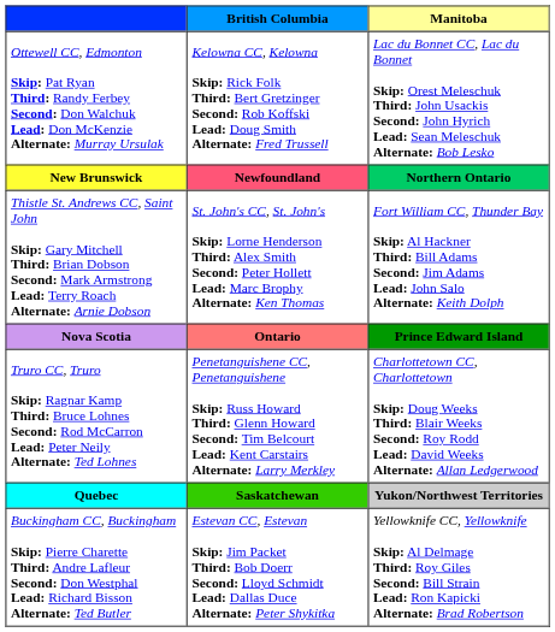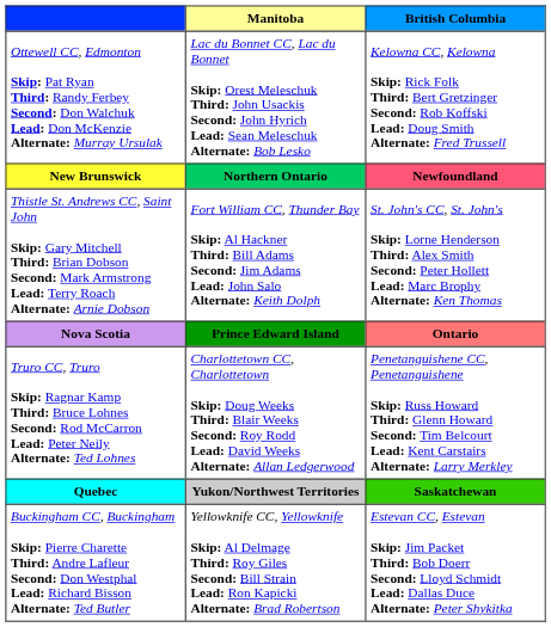 <table border=1 cellpadding=5 cellspacing=0>
 <tr>
 <th style="background:#03f; width:200px;"></th>
+<th style="background:#ff9; width:200px;">Manitoba</th>
 <th style="background:#09f; width:200px;">British Columbia</th>
-<th style="background:#ff9; width:200px;">Manitoba</th>
 </tr>
 <tr>
 <td><em><a href='#'>Ottewell CC</a>, <a href='#'>Edmonton</a></em><br><br><strong><a href='#'>Skip</a>:</strong> <a href='#'>Pat Ryan</a> <br> <strong><a href='#'>Third</a>:</strong> <a href='#'>Randy Ferbey</a> <br> <strong><a href='#'>Second</a>:</strong> <a href='#'>Don Walchuk</a> <br> <strong><a href='#'>Lead</a>:</strong> <a href='#'>Don McKenzie</a> <br> <strong>Alternate:</strong> <em><a href='#'>Murray Ursulak</a></em></td>
+<td><em><a href='#'>Lac du Bonnet CC</a>, <a href='#'>Lac du Bonnet</a></em><br><br><strong>Skip:</strong> <a href='#'>Orest Meleschuk</a> <br> <strong>Third:</strong> <a href='#'>John Usackis</a> <br> <strong>Second:</strong> <a href='#'>John Hyrich</a> <br> <strong>Lead:</strong> <a href='#'>Sean Meleschuk</a> <br> <strong>Alternate:</strong> <em><a href='#'>Bob Lesko</a></em></td>
 <td><em><a href='#'>Kelowna CC</a>, <a href='#'>Kelowna</a></em><br><br><strong>Skip:</strong> <a href='#'>Rick Folk</a> <br> <strong>Third:</strong> <a href='#'>Bert Gretzinger</a> <br> <strong>Second:</strong> <a href='#'>Rob Koffski</a> <br> <strong>Lead:</strong> <a href='#'>Doug Smith</a> <br> <strong>Alternate:</strong> <em><a href='#'>Fred Trussell</a></em></td>
-<td><em><a href='#'>Lac du Bonnet CC</a>, <a href='#'>Lac du Bonnet</a></em><br><br><strong>Skip:</strong> <a href='#'>Orest Meleschuk</a> <br> <strong>Third:</strong> <a href='#'>John Usackis</a> <br> <strong>Second:</strong> <a href='#'>John Hyrich</a> <br> <strong>Lead:</strong> <a href='#'>Sean Meleschuk</a> <br> <strong>Alternate:</strong> <em><a href='#'>Bob Lesko</a></em></td>
 </tr>
 <tr>
 <th style="background:#ff3; width:200px;">New Brunswick</th>
+<th style="background:#0c6; width:200px;">Northern Ontario</th>
 <th style="background:#f57; width:200px;">Newfoundland</th>
-<th style="background:#0c6; width:200px;">Northern Ontario</th>
 </tr>
 <tr>
 <td><em><a href='#'>Thistle St. Andrews CC</a>, <a href='#'>Saint John</a></em><br><br><strong>Skip:</strong> <a href='#'>Gary Mitchell</a> <br> <strong>Third:</strong> <a href='#'>Brian Dobson</a> <br> <strong>Second:</strong> <a href='#'>Mark Armstrong</a> <br> <strong>Lead:</strong> <a href='#'>Terry Roach</a> <br> <strong>Alternate:</strong> <em><a href='#'>Arnie Dobson</a></em></td>
+<td><em><a href='#'>Fort William CC</a>, <a href='#'>Thunder Bay</a></em><br><br><strong>Skip:</strong> <a href='#'>Al Hackner</a> <br> <strong>Third:</strong> <a href='#'>Bill Adams</a> <br> <strong>Second:</strong> <a href='#'>Jim Adams</a> <br> <strong>Lead:</strong> <a href='#'>John Salo</a> <br> <strong>Alternate:</strong> <em><a href='#'>Keith Dolph</a></em></td>
 <td><em><a href='#'>St. John's CC</a>, <a href='#'>St. John's</a></em><br><br><strong>Skip:</strong> <a href='#'>Lorne Henderson</a> <br> <strong>Third:</strong> <a href='#'>Alex Smith</a> <br> <strong>Second:</strong> <a href='#'>Peter Hollett</a> <br> <strong>Lead:</strong> <a href='#'>Marc Brophy</a> <br> <strong>Alternate:</strong> <em><a href='#'>Ken Thomas</a></em></td>
-<td><em><a href='#'>Fort William CC</a>, <a href='#'>Thunder Bay</a></em><br><br><strong>Skip:</strong> <a href='#'>Al Hackner</a> <br> <strong>Third:</strong> <a href='#'>Bill Adams</a> <br> <strong>Second:</strong> <a href='#'>Jim Adams</a> <br> <strong>Lead:</strong> <a href='#'>John Salo</a> <br> <strong>Alternate:</strong> <em><a href='#'>Keith Dolph</a></em></td>
 </tr>
 <tr>
 <th style="background:#c9e; width:200px;">Nova Scotia</th>
+<th style="background:#090; width:200px;">Prince Edward Island</th>
 <th style="background:#f77; width:200px;">Ontario</th>
-<th style="background:#090; width:200px;">Prince Edward Island</th>
 </tr>
 <tr>
 <td><em><a href='#'>Truro CC</a>, <a href='#'>Truro</a></em><br><br><strong>Skip:</strong> <a href='#'>Ragnar Kamp</a> <br> <strong>Third:</strong> <a href='#'>Bruce Lohnes</a> <br> <strong>Second:</strong> <a href='#'>Rod McCarron</a> <br> <strong>Lead:</strong> <a href='#'>Peter Neily</a> <br> <strong>Alternate:</strong> <em><a href='#'>Ted Lohnes</a></em></td>
+<td><em><a href='#'>Charlottetown CC</a>, <a href='#'>Charlottetown</a></em><br><br><strong>Skip:</strong> <a href='#'>Doug Weeks</a> <br> <strong>Third:</strong> <a href='#'>Blair Weeks</a> <br> <strong>Second:</strong> <a href='#'>Roy Rodd</a> <br> <strong>Lead:</strong> <a href='#'>David Weeks</a> <br> <strong>Alternate:</strong> <em><a href='#'>Allan Ledgerwood</a></em></td>
 <td><em><a href='#'>Penetanguishene CC</a>, <a href='#'>Penetanguishene</a></em><br><br><strong>Skip:</strong> <a href='#'>Russ Howard</a> <br> <strong>Third:</strong> <a href='#'>Glenn Howard</a> <br> <strong>Second:</strong> <a href='#'>Tim Belcourt</a> <br> <strong>Lead:</strong> <a href='#'>Kent Carstairs</a> <br> <strong>Alternate:</strong> <em><a href='#'>Larry Merkley</a></em></td>
-<td><em><a href='#'>Charlottetown CC</a>, <a href='#'>Charlottetown</a></em><br><br><strong>Skip:</strong> <a href='#'>Doug Weeks</a> <br> <strong>Third:</strong> <a href='#'>Blair Weeks</a> <br> <strong>Second:</strong> <a href='#'>Roy Rodd</a> <br> <strong>Lead:</strong> <a href='#'>David Weeks</a> <br> <strong>Alternate:</strong> <em><a href='#'>Allan Ledgerwood</a></em></td>
 </tr>
 <tr>
 <th style="background:#0ff; width:200px;">Quebec</th>
+<th style="background:#ccc; width:200px;">Yukon/Northwest Territories</th>
 <th style="background:#3c0; width:200px;">Saskatchewan</th>
-<th style="background:#ccc; width:200px;">Yukon/Northwest Territories</th>
 </tr>
 <tr>
 <td><em><a href='#'>Buckingham CC</a>, <a href='#'>Buckingham</a></em><br><br><strong>Skip:</strong> <a href='#'>Pierre Charette</a> <br> <strong>Third:</strong> <a href='#'>Andre Lafleur</a> <br> <strong>Second:</strong> <a href='#'>Don Westphal</a> <br> <strong>Lead:</strong> <a href='#'>Richard Bisson</a> <br> <strong>Alternate:</strong> <em><a href='#'>Ted Butler</a></em></td>
+<td><em>Yellowknife CC, <a href='#'>Yellowknife</a></em><br><br><strong>Skip:</strong> <a href='#'>Al Delmage</a> <br> <strong>Third:</strong> <a href='#'>Roy Giles</a> <br> <strong>Second:</strong> <a href='#'>Bill Strain</a> <br> <strong>Lead:</strong> <a href='#'>Ron Kapicki</a> <br> <strong>Alternate:</strong> <em><a href='#'>Brad Robertson</a></em></td>
 <td><em><a href='#'>Estevan CC</a>, <a href='#'>Estevan</a></em><br><br><strong>Skip:</strong> <a href='#'>Jim Packet</a> <br> <strong>Third:</strong> <a href='#'>Bob Doerr</a> <br> <strong>Second:</strong> <a href='#'>Lloyd Schmidt</a> <br> <strong>Lead:</strong> <a href='#'>Dallas Duce</a> <br> <strong>Alternate:</strong> <em><a href='#'>Peter Shykitka</a></em></td>
-<td><em>Yellowknife CC, <a href='#'>Yellowknife</a></em><br><br><strong>Skip:</strong> <a href='#'>Al Delmage</a> <br> <strong>Third:</strong> <a href='#'>Roy Giles</a> <br> <strong>Second:</strong> <a href='#'>Bill Strain</a> <br> <strong>Lead:</strong> <a href='#'>Ron Kapicki</a> <br> <strong>Alternate:</strong> <em><a href='#'>Brad Robertson</a></em></td>
 </tr>
 </table>
